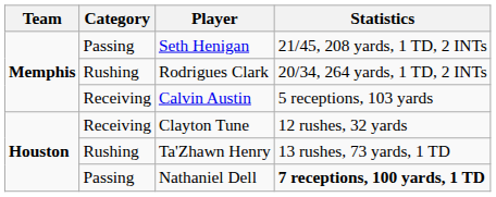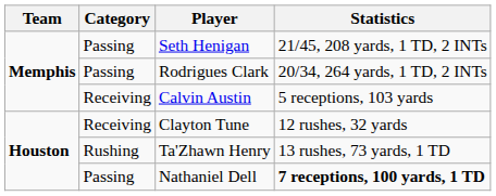 <table class="wikitable" style="float: left;">
 <tr>
 <th>Team</th>
 <th>Category</th>
 <th>Player</th>
 <th>Statistics</th>
 </tr>
 <tr>
 <td rowspan=3><strong>Memphis</strong></td>
 <td>Passing</td>
 <td><a href='#'>Seth Henigan</a></td>
 <td>21/45, 208 yards, 1 TD, 2 INTs</td>
 </tr>
 <tr>
-<td>Rushing</td>
+<td>Passing</td>
 <td>Rodrigues Clark</td>
 <td>20/34, 264 yards, 1 TD, 2 INTs</td>
 </tr>
 <tr>
 <td>Receiving</td>
 <td><a href='#'>Calvin Austin</a></td>
 <td>5 receptions, 103 yards</td>
 </tr>
 <tr>
 <td rowspan=3><strong>Houston</strong></td>
 <td>Receiving</td>
 <td>Clayton Tune</td>
 <td>12 rushes, 32 yards</td>
 </tr>
 <tr>
 <td>Rushing</td>
 <td>Ta'Zhawn Henry</td>
 <td>13 rushes, 73 yards, 1 TD</td>
 </tr>
 <tr>
 <td>Passing</td>
 <td>Nathaniel Dell</td>
 <td><strong>7 receptions, 100 yards, 1 TD</strong></td>
 </tr>
 </table>
